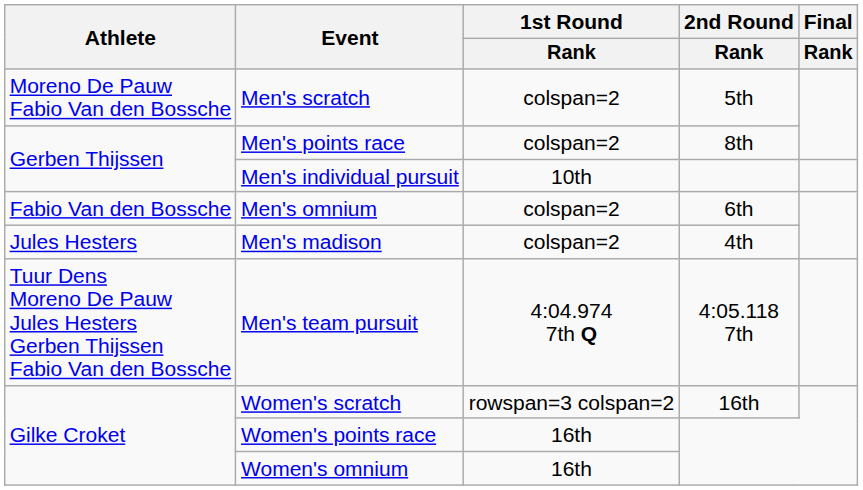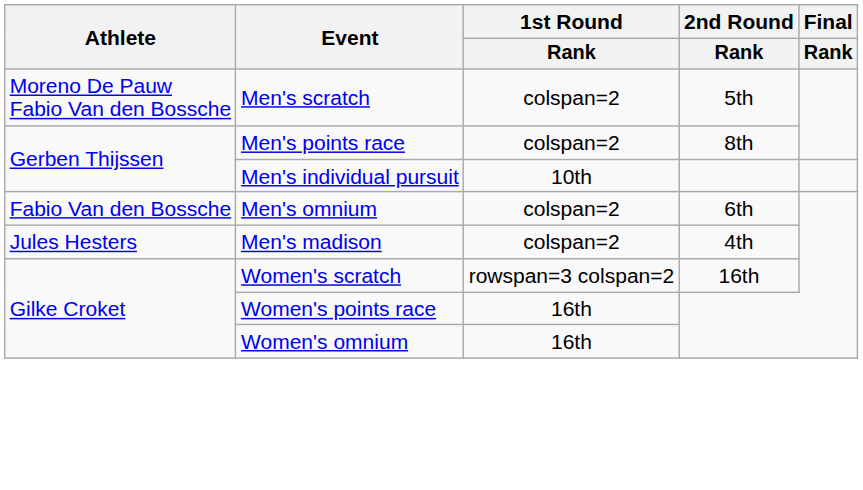 <table class="wikitable" style="font-size:90%">
 <tr>
 <th rowspan=2>Athlete</th>
 <th rowspan=2>Event</th>
 <th>1st Round</th>
 <th>2nd Round</th>
 <th>Final</th>
 </tr>
 <tr style="font-size:95%">
 <th>Rank</th>
 <th>Rank</th>
 <th>Rank</th>
 </tr>
 <tr align=center>
 <td align=left><a href='#'>Moreno De Pauw</a><br><a href='#'>Fabio Van den Bossche</a></td>
 <td align=left><a href='#'>Men's scratch</a></td>
 <td>colspan=2 </td>
 <td>5th</td>
 </tr>
 <tr align=center>
 <td rowspan=2 align=left><a href='#'>Gerben Thijssen</a></td>
 <td align=left><a href='#'>Men's points race</a></td>
 <td>colspan=2 </td>
 <td>8th</td>
 </tr>
 <tr align=center>
 <td align=left><a href='#'>Men's individual pursuit</a></td>
 <td>10th</td>
 <td></td>
 <td></td>
 </tr>
 <tr align=center>
 <td align=left><a href='#'>Fabio Van den Bossche</a></td>
 <td align=left><a href='#'>Men's omnium</a></td>
 <td>colspan=2 </td>
 <td>6th</td>
 </tr>
 <tr align=center>
 <td align=left><a href='#'>Jules Hesters</a></td>
 <td align=left><a href='#'>Men's madison</a></td>
 <td>colspan=2 </td>
 <td>4th</td>
 </tr>
 <tr align=center>
-<td align=left><a href='#'>Tuur Dens</a><br><a href='#'>Moreno De Pauw</a><br><a href='#'>Jules Hesters</a><br><a href='#'>Gerben Thijssen</a><br><a href='#'>Fabio Van den Bossche</a></td>
-<td align=left><a href='#'>Men's team pursuit</a></td>
-<td>4:04.974<br>7th <strong>Q</strong></td>
-<td>4:05.118<br>7th</td>
-<td></td>
-</tr>
-<tr align=center>
 <td rowspan=3 align=left><a href='#'>Gilke Croket</a></td>
 <td align=left><a href='#'>Women's scratch</a></td>
 <td>rowspan=3 colspan=2 </td>
 <td>16th</td>
 </tr>
 <tr align=center>
 <td align=left><a href='#'>Women's points race</a></td>
 <td>16th</td>
 </tr>
 <tr align=center>
 <td align=left><a href='#'>Women's omnium</a></td>
 <td>16th</td>
 </tr>
 </table>
